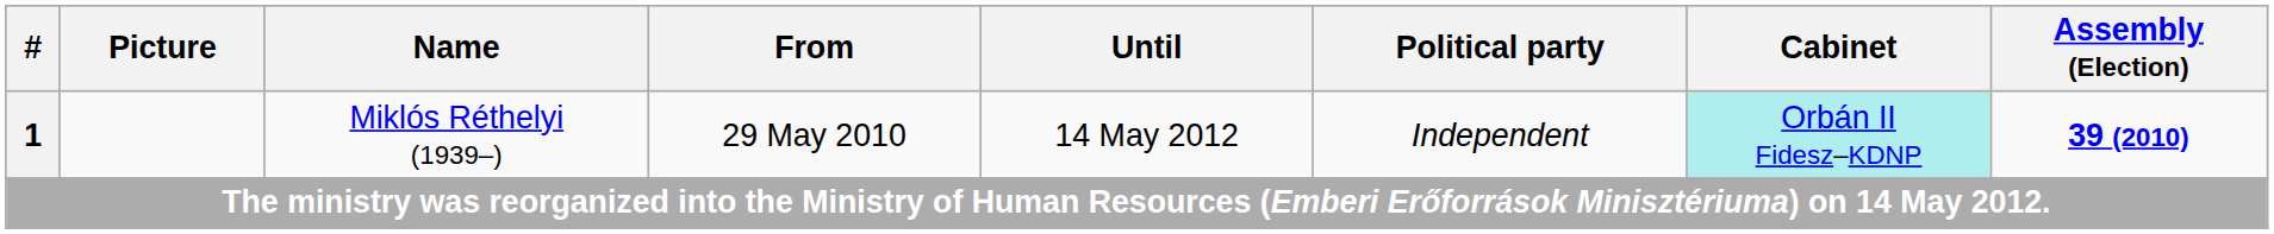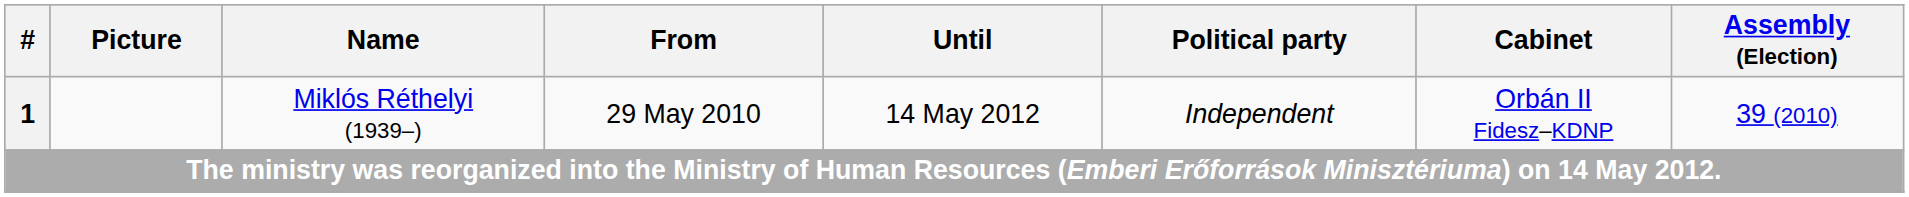 <table width=90% class="wikitable" style="text-align:center">
 <tr>
 <th>#</th>
 <th>Picture</th>
 <th>Name</th>
 <th>From</th>
 <th>Until</th>
 <th>Political party</th>
 <th>Cabinet</th>
 <th><a href='#'>Assembly</a><br><small>(Election)</small></th>
 </tr>
 <tr>
 <th style="background:">1</th>
 <td></td>
 <td><a href='#'>Miklós Réthelyi</a><br><small>(1939–)</small></td>
 <td>29 May 2010</td>
 <td>14 May 2012</td>
 <td><em>Independent</em></td>
-<td style="background: paleturquoise;"><a href='#'>Orbán II</a><br><small><a href='#'>Fidesz</a>–<a href='#'>KDNP</a></small></td>
-<td><strong><a href='#'>39 <small>(2010)</small></a></strong></td>
+<td><a href='#'>Orbán II</a><br><small><a href='#'>Fidesz</a>–<a href='#'>KDNP</a></small></td>
+<td><a href='#'>39 <small>(2010)</small></a></td>
 </tr>
 <tr>
 <th colspan="8" style="background-color:#ACACAC; color:white">The ministry was reorganized into the Ministry of Human Resources (<em>Emberi Erőforrások Minisztériuma</em>) on 14 May 2012.</th>
 </tr>
 <tr>
 </tr>
 </table>
